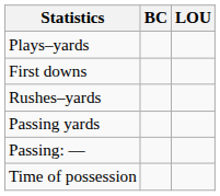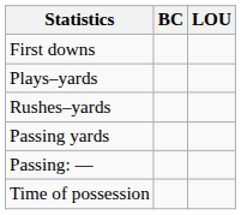 <table class="wikitable" style="float:left">
 <tr>
 <th>Statistics</th>
 <th>BC</th>
 <th>LOU</th>
 </tr>
 <tr>
-<td>Plays–yards</td>
+<td>First downs</td>
 <td></td>
 <td></td>
 </tr>
 <tr>
-<td>First downs</td>
+<td>Plays–yards</td>
 <td></td>
 <td></td>
 </tr>
 <tr>
 <td>Rushes–yards</td>
 <td></td>
 <td></td>
 </tr>
 <tr>
 <td>Passing yards</td>
 <td></td>
 <td></td>
 </tr>
 <tr>
 <td>Passing: ––</td>
 <td></td>
 <td></td>
 </tr>
 <tr>
 <td>Time of possession</td>
 <td></td>
 <td></td>
 </tr>
 </table>
